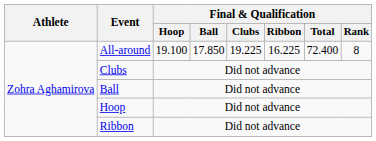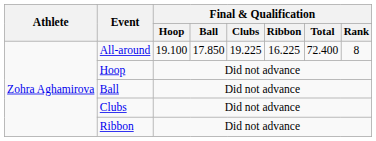 <table class="wikitable" style="text-align:center; font-size:90%">
 <tr>
 <th rowspan=2>Athlete</th>
 <th rowspan=2>Event</th>
 <th colspan=6>Final & Qualification</th>
 </tr>
 <tr style="font-size:95%">
 <th>Hoop</th>
 <th>Ball</th>
 <th>Clubs</th>
 <th>Ribbon</th>
 <th>Total</th>
 <th>Rank</th>
 </tr>
 <tr>
 <td rowspan=5 align=left><a href='#'>Zohra Aghamirova</a></td>
 <td align=left><a href='#'>All-around</a></td>
 <td>19.100</td>
 <td>17.850</td>
 <td>19.225</td>
 <td>16.225</td>
 <td>72.400</td>
 <td>8</td>
 </tr>
 <tr>
-<td align=left><a href='#'>Clubs</a></td>
+<td align=left><a href='#'>Hoop</a></td>
 <td colspan=6>Did not advance</td>
 </tr>
 <tr>
 <td align=left><a href='#'>Ball</a></td>
 <td colspan=6>Did not advance</td>
 </tr>
 <tr>
-<td align=left><a href='#'>Hoop</a></td>
+<td align=left><a href='#'>Clubs</a></td>
 <td colspan=6>Did not advance</td>
 </tr>
 <tr>
 <td align=left><a href='#'>Ribbon</a></td>
 <td colspan=6>Did not advance</td>
 </tr>
 </table>
